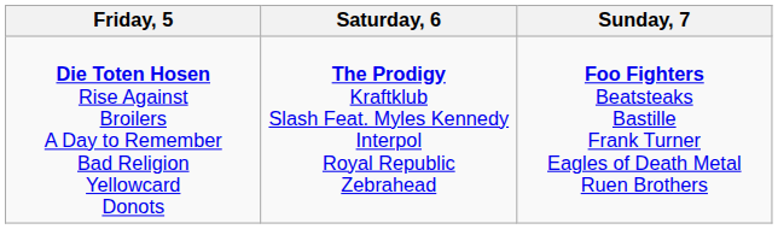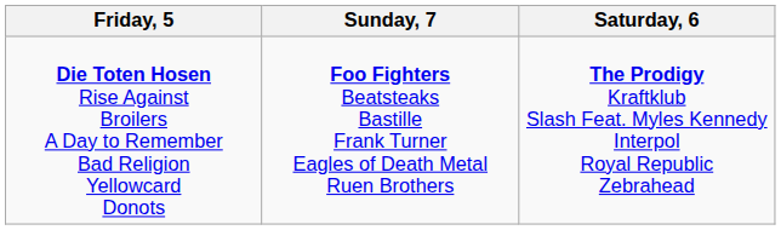 <table class="wikitable">
 <tr>
 <th>Friday, 5</th>
+<th>Sunday, 7</th>
 <th>Saturday, 6</th>
-<th>Sunday, 7</th>
 </tr>
 <tr>
 <td style="text-align:center; vertical-align:top; width:200px;"><br><strong><a href='#'>Die Toten Hosen</a></strong> <br> <a href='#'>Rise Against</a> <br> <a href='#'>Broilers</a> <br> <a href='#'>A Day to Remember</a><br> <a href='#'>Bad Religion</a> <br> <a href='#'>Yellowcard</a> <br> <a href='#'>Donots</a> <br></td>
+<td style="text-align:center; vertical-align:top; width:200px;"><br><strong><a href='#'>Foo Fighters</a></strong><br> <a href='#'>Beatsteaks</a> <br> <a href='#'>Bastille</a> <br> <a href='#'>Frank Turner</a> <br> <a href='#'>Eagles of Death Metal</a> <br> <a href='#'>Ruen Brothers</a><br></td>
 <td style="text-align:center; vertical-align:top; width:200px;"><br><strong><a href='#'>The Prodigy</a></strong><br> <a href='#'>Kraftklub</a> <br> <a href='#'>Slash Feat. Myles Kennedy</a> <br> <a href='#'>Interpol</a> <br> <a href='#'>Royal Republic</a> <br> <a href='#'>Zebrahead</a> <br></td>
-<td style="text-align:center; vertical-align:top; width:200px;"><br><strong><a href='#'>Foo Fighters</a></strong><br> <a href='#'>Beatsteaks</a> <br> <a href='#'>Bastille</a> <br> <a href='#'>Frank Turner</a> <br> <a href='#'>Eagles of Death Metal</a> <br> <a href='#'>Ruen Brothers</a><br></td>
 </tr>
 </table>
